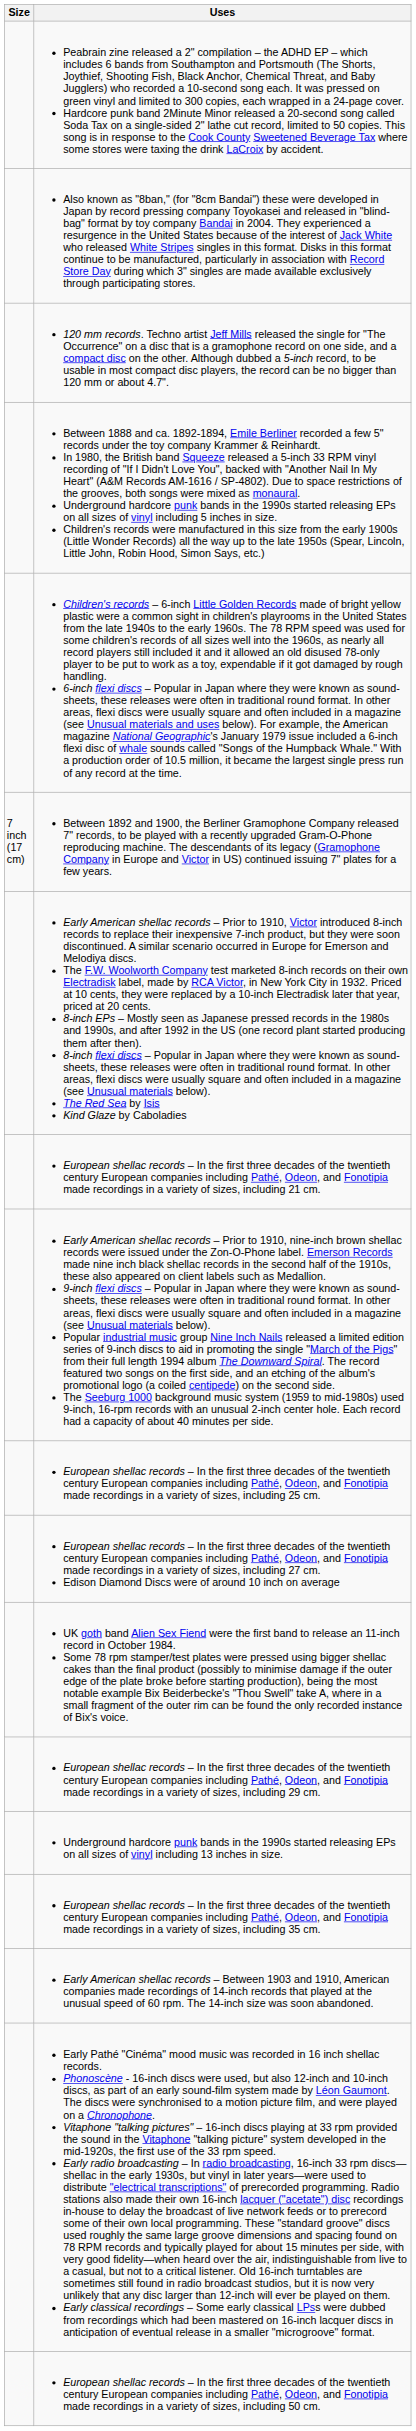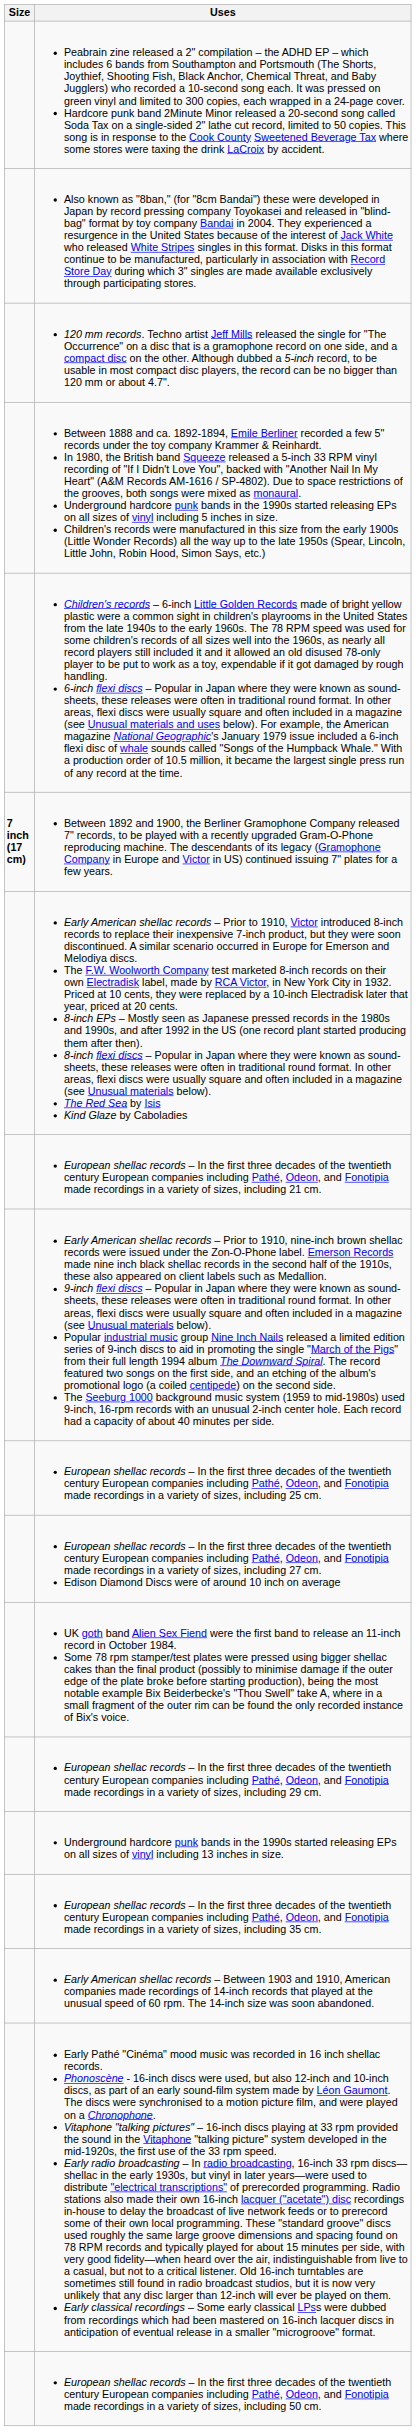 <table class="wikitable">
 <tr>
 <th>Size</th>
 <th>Uses</th>
 </tr>
 <tr>
 <td></td>
 <td><br><ul><li>Peabrain zine released a 2" compilation – the ADHD EP – which includes 6 bands from Southampton and Portsmouth (The Shorts, Joythief, Shooting Fish, Black Anchor, Chemical Threat, and Baby Jugglers) who recorded a 10-second song each. It was pressed on green vinyl and limited to 300 copies, each wrapped in a 24-page cover.</li><li>Hardcore punk band 2Minute Minor released a 20-second song called Soda Tax on a single-sided 2" lathe cut record, limited to 50 copies. This song is in response to the <a href='#'>Cook County</a> <a href='#'>Sweetened Beverage Tax</a> where some stores were taxing the drink <a href='#'>LaCroix</a> by accident.</li></ul></td>
 </tr>
 <tr>
 <td></td>
 <td><br><ul><li>Also known as "8ban," (for "8cm Bandai") these were developed in Japan by record pressing company Toyokasei and released in "blind-bag" format by toy company <a href='#'>Bandai</a> in 2004. They experienced a resurgence in the United States because of the interest of <a href='#'>Jack White</a> who released <a href='#'>White Stripes</a> singles in this format. Disks in this format continue to be manufactured, particularly in association with <a href='#'>Record Store Day</a> during which 3" singles are made available exclusively through participating stores.</li></ul></td>
 </tr>
 <tr>
 <td></td>
 <td><br><ul><li><em>120 mm records</em>. Techno artist <a href='#'>Jeff Mills</a> released the single for "The Occurrence" on a disc that is a gramophone record on one side, and a <a href='#'>compact disc</a> on the other. Although dubbed a <em>5-inch</em> record, to be usable in most compact disc players, the record can be no bigger than 120 mm or about 4.7".</li></ul></td>
 </tr>
 <tr>
 <td></td>
 <td><br><ul><li>Between 1888 and ca. 1892-1894, <a href='#'>Emile Berliner</a> recorded a few 5" records under the toy company Krammer & Reinhardt.</li><li>In 1980, the British band <a href='#'>Squeeze</a> released a 5-inch 33 RPM vinyl recording of "If I Didn't Love You", backed with "Another Nail In My Heart" (A&M Records AM-1616 / SP-4802). Due to space restrictions of the grooves, both songs were mixed as <a href='#'>monaural</a>.</li><li>Underground hardcore <a href='#'>punk</a> bands in the 1990s started releasing EPs on all sizes of <a href='#'>vinyl</a> including 5 inches in size.</li><li>Children's records were manufactured in this size from the early 1900s (Little Wonder Records) all the way up to the late 1950s (Spear, Lincoln, Little John, Robin Hood, Simon Says, etc.)</li></ul></td>
 </tr>
 <tr>
 <td></td>
 <td><br><ul><li><em><a href='#'>Children's records</a></em> – 6-inch <a href='#'>Little Golden Records</a> made of bright yellow plastic were a common sight in children's playrooms in the United States from the late 1940s to the early 1960s. The 78 RPM speed was used for some children's records of all sizes well into the 1960s, as nearly all record players still included it and it allowed an old disused 78-only player to be put to work as a toy, expendable if it got damaged by rough handling.</li><li><em>6-inch <a href='#'>flexi discs</a></em> – Popular in Japan where they were known as sound-sheets, these releases were often in traditional round format. In other areas, flexi discs were usually square and often included in a magazine (see <a href='#'>Unusual materials and uses</a> below). For example, the American magazine <a href='#'><em>National Geographic</em></a>'s January 1979 issue included a 6-inch flexi disc of <a href='#'>whale</a> sounds called "Songs of the Humpback Whale." With a production order of 10.5 million, it became the largest single press run of any record at the time.</li></ul></td>
 </tr>
 <tr>
-<td>7 inch (17 cm)</td>
+<td><strong>7 inch (17 cm)</strong></td>
 <td><br><ul><li>Between 1892 and 1900, the Berliner Gramophone Company released 7" records, to be played with a recently upgraded Gram-O-Phone reproducing machine. The descendants of its legacy (<a href='#'>Gramophone Company</a> in Europe and <a href='#'>Victor</a> in US) continued issuing 7" plates for a few years.</li></ul></td>
 </tr>
 <tr>
 <td></td>
 <td><br><ul><li><em>Early American shellac records</em> – Prior to 1910, <a href='#'>Victor</a> introduced 8-inch records to replace their inexpensive 7-inch product, but they were soon discontinued. A similar scenario occurred in Europe for Emerson and Melodiya discs.</li><li>The <a href='#'>F.W. Woolworth Company</a> test marketed 8-inch records on their own <a href='#'>Electradisk</a> label, made by <a href='#'>RCA Victor</a>, in New York City in 1932. Priced at 10 cents, they were replaced by a 10-inch Electradisk later that year, priced at 20 cents.</li><li><em>8-inch EPs</em> – Mostly seen as Japanese pressed records in the 1980s and 1990s, and after 1992 in the US (one record plant started producing them after then).</li><li><em>8-inch <a href='#'>flexi discs</a></em> – Popular in Japan where they were known as sound-sheets, these releases were often in traditional round format. In other areas, flexi discs were usually square and often included in a magazine (see <a href='#'>Unusual materials</a> below).</li><li><em><a href='#'>The Red Sea</a></em> by <a href='#'>Isis</a></li><li><em>Kind Glaze</em> by Caboladies</li></ul></td>
 </tr>
 <tr>
 <td></td>
 <td><br><ul><li><em>European shellac records</em> – In the first three decades of the twentieth century European companies including <a href='#'>Pathé</a>, <a href='#'>Odeon</a>, and <a href='#'>Fonotipia</a> made recordings in a variety of sizes, including 21 cm.</li></ul></td>
 </tr>
 <tr>
 <td></td>
 <td><br><ul><li><em>Early American shellac records</em> – Prior to 1910, nine-inch brown shellac records were issued under the Zon-O-Phone label. <a href='#'>Emerson Records</a> made nine inch black shellac records in the second half of the 1910s, these also appeared on client labels such as Medallion.</li><li><em>9-inch <a href='#'>flexi discs</a></em> – Popular in Japan where they were known as sound-sheets, these releases were often in traditional round format. In other areas, flexi discs were usually square and often included in a magazine (see <a href='#'>Unusual materials</a> below).</li><li>Popular <a href='#'>industrial music</a> group <a href='#'>Nine Inch Nails</a> released a limited edition series of 9-inch discs to aid in promoting the single "<a href='#'>March of the Pigs</a>" from their full length 1994 album <em><a href='#'>The Downward Spiral</a></em>. The record featured two songs on the first side, and an etching of the album's promotional logo (a coiled <a href='#'>centipede</a>) on the second side.</li><li>The <a href='#'>Seeburg 1000</a> background music system (1959 to mid-1980s) used 9-inch, 16-rpm records with an unusual 2-inch center hole. Each record had a capacity of about 40 minutes per side.</li></ul></td>
 </tr>
 <tr>
 <td></td>
 <td><br><ul><li><em>European shellac records</em> – In the first three decades of the twentieth century European companies including <a href='#'>Pathé</a>, <a href='#'>Odeon</a>, and <a href='#'>Fonotipia</a> made recordings in a variety of sizes, including 25 cm.</li></ul></td>
 </tr>
 <tr>
 <td></td>
 <td><br><ul><li><em>European shellac records</em> – In the first three decades of the twentieth century European companies including <a href='#'>Pathé</a>, <a href='#'>Odeon</a>, and <a href='#'>Fonotipia</a> made recordings in a variety of sizes, including 27 cm.</li><li>Edison Diamond Discs were of around 10 inch on average</li></ul></td>
 </tr>
 <tr>
 <td></td>
 <td><br><ul><li>UK <a href='#'>goth</a> band <a href='#'>Alien Sex Fiend</a> were the first band to release an 11-inch record in October 1984.</li><li>Some 78 rpm stamper/test plates were pressed using bigger shellac cakes than the final product (possibly to minimise damage if the outer edge of the plate broke before starting production), being the most notable example Bix Beiderbecke's "Thou Swell" take A, where in a small fragment of the outer rim can be found the only recorded instance of Bix's voice.</li></ul></td>
 </tr>
 <tr>
 <td></td>
 <td><br><ul><li><em>European shellac records</em> – In the first three decades of the twentieth century European companies including <a href='#'>Pathé</a>, <a href='#'>Odeon</a>, and <a href='#'>Fonotipia</a> made recordings in a variety of sizes, including 29 cm.</li></ul></td>
 </tr>
 <tr>
 <td></td>
 <td><br><ul><li>Underground hardcore <a href='#'>punk</a> bands in the 1990s started releasing EPs on all sizes of <a href='#'>vinyl</a> including 13 inches in size.</li></ul></td>
 </tr>
 <tr>
 <td></td>
 <td><br><ul><li><em>European shellac records</em> – In the first three decades of the twentieth century European companies including <a href='#'>Pathé</a>, <a href='#'>Odeon</a>, and <a href='#'>Fonotipia</a> made recordings in a variety of sizes, including 35 cm.</li></ul></td>
 </tr>
 <tr>
 <td></td>
 <td><br><ul><li><em>Early American shellac records</em> – Between 1903 and 1910, American companies made recordings of 14-inch records that played at the unusual speed of 60 rpm. The 14-inch size was soon abandoned.</li></ul></td>
 </tr>
 <tr>
 <td></td>
 <td><br><ul><li>Early Pathé "Cinéma" mood music was recorded in 16 inch shellac records.</li><li><em><a href='#'>Phonoscène</a></em> - 16-inch discs were used, but also 12-inch and 10-inch discs, as part of an early sound-film system made by <a href='#'>Léon Gaumont</a>. The discs were synchronised to a motion picture film, and were played on a <em><a href='#'>Chronophone</a></em>.</li><li><em>Vitaphone "talking pictures"</em> – 16-inch discs playing at 33 rpm provided the sound in the <a href='#'>Vitaphone</a> "talking picture" system developed in the mid-1920s, the first use of the 33 rpm speed.</li><li><em>Early radio broadcasting</em> – In <a href='#'>radio broadcasting</a>, 16-inch 33 rpm discs—shellac in the early 1930s, but vinyl in later years—were used to distribute <a href='#'>"electrical transcriptions"</a> of prerecorded programming. Radio stations also made their own 16-inch <a href='#'>lacquer ("acetate") disc</a> recordings in-house to delay the broadcast of live network feeds or to prerecord some of their own local programming. These "standard groove" discs used roughly the same large groove dimensions and spacing found on 78 RPM records and typically played for about 15 minutes per side, with very good fidelity—when heard over the air, indistinguishable from live to a casual, but not to a critical listener. Old 16-inch turntables are sometimes still found in radio broadcast studios, but it is now very unlikely that any disc larger than 12-inch will ever be played on them.</li><li><em>Early classical recordings</em> – Some early classical <a href='#'>LPs</a>s were dubbed from recordings which had been mastered on 16-inch lacquer discs in anticipation of eventual release in a smaller "microgroove" format.</li></ul></td>
 </tr>
 <tr>
 <td></td>
 <td><br><ul><li><em>European shellac records</em> – In the first three decades of the twentieth century European companies including <a href='#'>Pathé</a>, <a href='#'>Odeon</a>, and <a href='#'>Fonotipia</a> made recordings in a variety of sizes, including 50 cm.</li></ul></td>
 </tr>
 </table>
